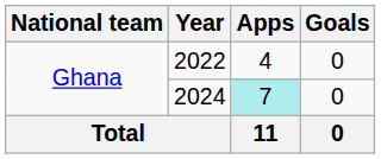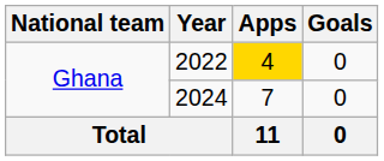 <table class="wikitable" style="text-align: center;">
 <tr>
 <th>National team</th>
 <th>Year</th>
 <th>Apps</th>
 <th>Goals</th>
 </tr>
 <tr>
 <td rowspan="2"><a href='#'>Ghana</a></td>
 <td>2022</td>
-<td>4</td>
+<td style="background: gold;">4</td>
 <td>0</td>
 </tr>
 <tr>
 <td>2024</td>
-<td style="background: paleturquoise;">7</td>
+<td>7</td>
 <td>0</td>
 </tr>
 <tr>
 <th colspan="2">Total</th>
 <th>11</th>
 <th>0</th>
 </tr>
 </table>
